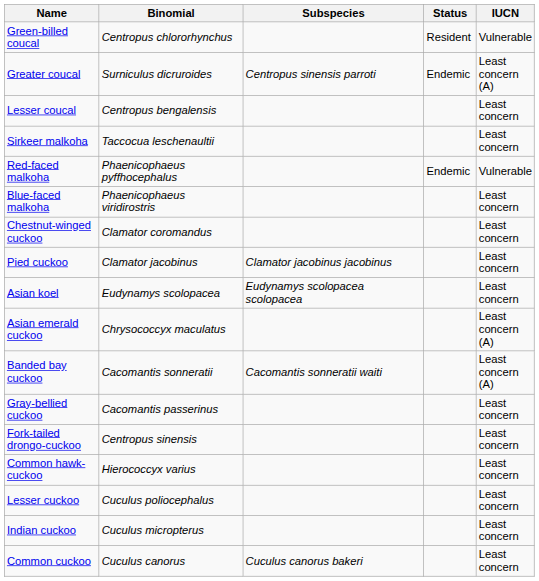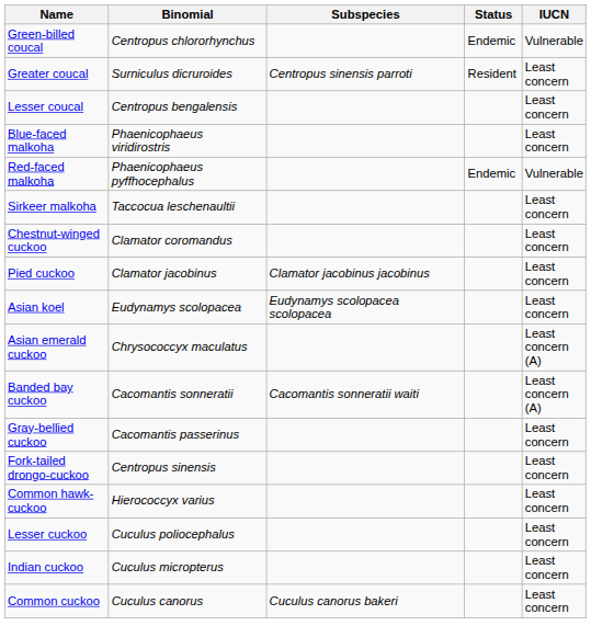 <table width=60% class="wikitable">
 <tr>
 <th width=20%>Name</th>
 <th width=30%>Binomial</th>
 <th width=40%>Subspecies</th>
 <th width=30%>Status</th>
 <th width=30%>IUCN</th>
 </tr>
 <tr>
 <td><a href='#'>Green-billed coucal</a><br></td>
 <td><em>Centropus chlororhynchus</em></td>
 <td></td>
-<td>Resident</td>
+<td>Endemic</td>
 <td>Vulnerable</td>
 </tr>
 <tr>
 <td><a href='#'>Greater coucal</a><br></td>
 <td><em>Surniculus dicruroides</em></td>
 <td><em>Centropus sinensis parroti</em></td>
-<td>Endemic</td>
-<td>Least concern<br>(A)</td>
+<td>Resident</td>
+<td>Least concern</td>
 </tr>
 <tr>
 <td><a href='#'>Lesser coucal</a><br></td>
 <td><em>Centropus bengalensis</em></td>
 <td></td>
 <td></td>
 <td>Least concern</td>
 </tr>
 <tr>
-<td><a href='#'>Sirkeer malkoha</a><br></td>
-<td><em>Taccocua leschenaultii</em></td>
+<td><a href='#'>Blue-faced malkoha</a><br></td>
+<td><em>Phaenicophaeus viridirostris</em></td>
 <td></td>
 <td></td>
 <td>Least concern</td>
 </tr>
 <tr>
 <td><a href='#'>Red-faced malkoha</a><br></td>
 <td><em>Phaenicophaeus pyffhocephalus</em></td>
 <td></td>
 <td>Endemic</td>
 <td>Vulnerable</td>
 </tr>
 <tr>
-<td><a href='#'>Blue-faced malkoha</a><br></td>
-<td><em>Phaenicophaeus viridirostris</em></td>
+<td><a href='#'>Sirkeer malkoha</a><br></td>
+<td><em>Taccocua leschenaultii</em></td>
 <td></td>
 <td></td>
 <td>Least concern</td>
 </tr>
 <tr>
 <td><a href='#'>Chestnut-winged cuckoo</a><br></td>
 <td><em>Clamator coromandus</em></td>
 <td></td>
 <td></td>
 <td>Least concern</td>
 </tr>
 <tr>
 <td><a href='#'>Pied cuckoo</a><br></td>
 <td><em>Clamator jacobinus</em></td>
 <td><em>Clamator jacobinus jacobinus</em></td>
 <td></td>
 <td>Least concern</td>
 </tr>
 <tr>
 <td><a href='#'>Asian koel</a><br> </td>
 <td><em>Eudynamys scolopacea</em></td>
 <td><em>Eudynamys scolopacea scolopacea</em></td>
 <td></td>
 <td>Least concern</td>
 </tr>
 <tr>
 <td><a href='#'>Asian emerald cuckoo</a><br></td>
 <td><em>Chrysococcyx maculatus</em></td>
 <td></td>
 <td></td>
 <td>Least concern<br>(A)</td>
 </tr>
 <tr>
 <td><a href='#'>Banded bay cuckoo</a><br></td>
 <td><em>Cacomantis sonneratii</em></td>
 <td><em>Cacomantis sonneratii waiti</em></td>
 <td></td>
 <td>Least concern<br>(A)</td>
 </tr>
 <tr>
 <td><a href='#'>Gray-bellied cuckoo</a><br></td>
 <td><em>Cacomantis passerinus</em></td>
 <td></td>
 <td></td>
 <td>Least concern</td>
 </tr>
 <tr>
 <td><a href='#'>Fork-tailed drongo-cuckoo</a><br></td>
 <td><em>Centropus sinensis</em></td>
 <td></td>
 <td></td>
 <td>Least concern</td>
 </tr>
 <tr>
 <td><a href='#'>Common hawk-cuckoo</a><br></td>
 <td><em>Hierococcyx varius</em></td>
 <td></td>
 <td></td>
 <td>Least concern</td>
 </tr>
 <tr>
 <td><a href='#'>Lesser cuckoo</a><br></td>
 <td><em>Cuculus poliocephalus</em></td>
 <td></td>
 <td></td>
 <td>Least concern</td>
 </tr>
 <tr>
 <td><a href='#'>Indian cuckoo</a><br></td>
 <td><em>Cuculus micropterus</em></td>
 <td></td>
 <td></td>
 <td>Least concern</td>
 </tr>
 <tr>
 <td><a href='#'>Common cuckoo</a><br></td>
 <td><em>Cuculus canorus</em></td>
 <td><em>Cuculus canorus bakeri</em></td>
 <td></td>
 <td>Least concern</td>
 </tr>
 </table>
